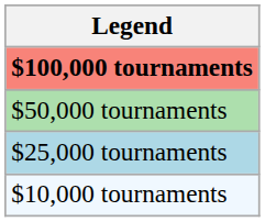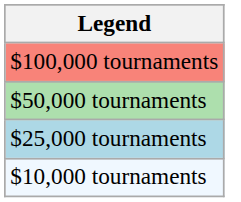 <table class="wikitable" style="font-size:85%">
 <tr>
 <th>Legend</th>
 </tr>
 <tr style="background:#f88379;">
-<td><strong>$100,000 tournaments</strong></td>
+<td>$100,000 tournaments</td>
 </tr>
 <tr style="background:#addfad;">
 <td>$50,000 tournaments</td>
 </tr>
 <tr style="background:lightblue;">
 <td>$25,000 tournaments</td>
 </tr>
 <tr style="background:#f0f8ff;">
 <td>$10,000 tournaments</td>
 </tr>
 </table>
